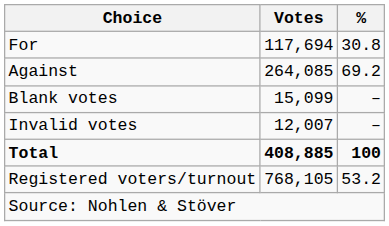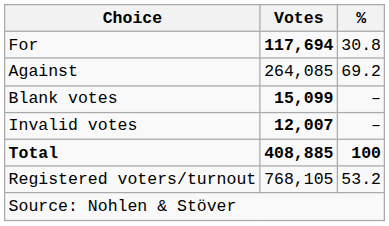 <table class=wikitable style=text-align:right>
 <tr>
 <th>Choice</th>
 <th>Votes</th>
 <th>%</th>
 </tr>
 <tr>
 <td align=left>For</td>
-<td>117,694</td>
+<td><strong>117,694</strong></td>
 <td>30.8</td>
 </tr>
 <tr>
 <td align=left>Against</td>
 <td>264,085</td>
 <td>69.2</td>
 </tr>
 <tr>
 <td align=left>Blank votes</td>
-<td>15,099</td>
+<td><strong>15,099</strong></td>
 <td>–</td>
 </tr>
 <tr>
 <td align=left>Invalid votes</td>
-<td>12,007</td>
+<td><strong>12,007</strong></td>
 <td>–</td>
 </tr>
 <tr>
 <td align=left><strong>Total</strong></td>
 <td><strong>408,885</strong></td>
 <td><strong>100</strong></td>
 </tr>
 <tr>
 <td align=left>Registered voters/turnout</td>
 <td>768,105</td>
 <td>53.2</td>
 </tr>
 <tr>
 <td align=left colspan=3>Source: Nohlen & Stöver</td>
 </tr>
 </table>
